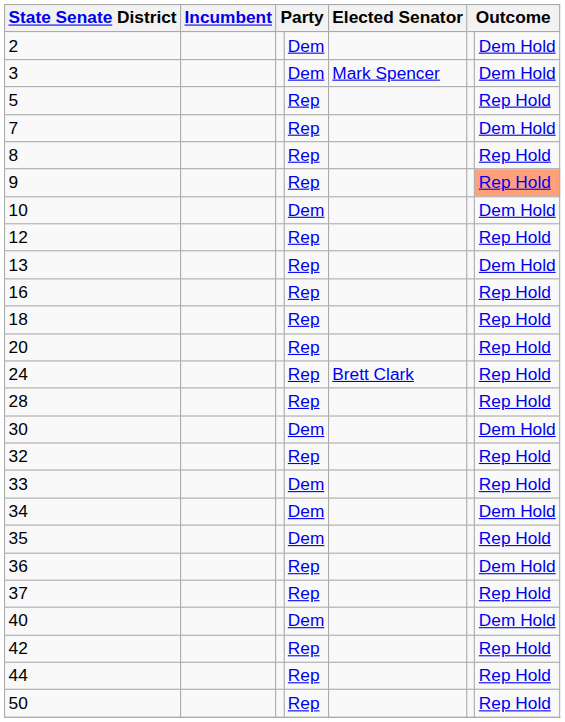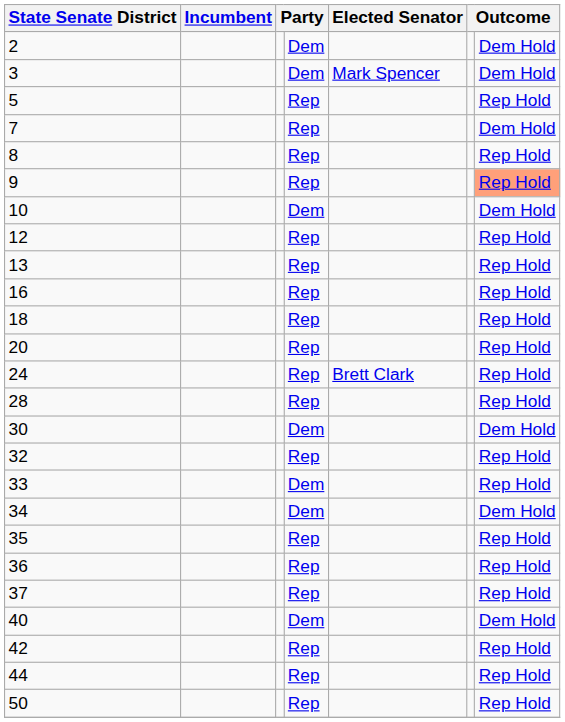 <table class="wikitable sortable">
 <tr>
 <th><a href='#'>State Senate</a> District</th>
 <th><a href='#'>Incumbent</a></th>
 <th colspan="2">Party</th>
 <th>Elected Senator</th>
 <th colspan="2">Outcome</th>
 </tr>
 <tr>
 <td>2</td>
 <td></td>
 <td style="background:"></td>
 <td><a href='#'>Dem</a></td>
 <td></td>
 <td style="background:"></td>
 <td><a href='#'>Dem Hold</a></td>
 </tr>
 <tr>
 <td>3</td>
 <td></td>
 <td style="background:"></td>
 <td><a href='#'>Dem</a></td>
 <td><a href='#'>Mark Spencer</a></td>
 <td style="background:"></td>
 <td><a href='#'>Dem Hold</a></td>
 </tr>
 <tr>
 <td>5</td>
 <td></td>
 <td style="background:"></td>
 <td><a href='#'>Rep</a></td>
 <td></td>
 <td style="background:"></td>
 <td><a href='#'>Rep Hold</a></td>
 </tr>
 <tr>
 <td>7</td>
 <td></td>
 <td style="background:"></td>
 <td><a href='#'>Rep</a></td>
 <td></td>
 <td style="background:"></td>
 <td><a href='#'>Dem Hold</a></td>
 </tr>
 <tr>
 <td>8</td>
 <td></td>
 <td style="background:"></td>
 <td><a href='#'>Rep</a></td>
 <td></td>
 <td style="background:"></td>
 <td><a href='#'>Rep Hold</a></td>
 </tr>
 <tr>
 <td>9</td>
 <td></td>
 <td style="background:"></td>
 <td><a href='#'>Rep</a></td>
 <td></td>
 <td style="background:"></td>
 <td style="background: lightsalmon;"><a href='#'>Rep Hold</a></td>
 </tr>
 <tr>
 <td>10</td>
 <td></td>
 <td style="background:"></td>
 <td><a href='#'>Dem</a></td>
 <td></td>
 <td style="background:"></td>
 <td><a href='#'>Dem Hold</a></td>
 </tr>
 <tr>
 <td>12</td>
 <td></td>
 <td style="background:"></td>
 <td><a href='#'>Rep</a></td>
 <td></td>
 <td style="background:"></td>
 <td><a href='#'>Rep Hold</a></td>
 </tr>
 <tr>
 <td>13</td>
 <td></td>
 <td style="background:"></td>
 <td><a href='#'>Rep</a></td>
 <td></td>
 <td style="background:"></td>
-<td><a href='#'>Dem Hold</a></td>
+<td><a href='#'>Rep Hold</a></td>
 </tr>
 <tr>
 <td>16</td>
 <td></td>
 <td style="background:"></td>
 <td><a href='#'>Rep</a></td>
 <td></td>
 <td style="background:"></td>
 <td><a href='#'>Rep Hold</a></td>
 </tr>
 <tr>
 <td>18</td>
 <td></td>
 <td style="background:"></td>
 <td><a href='#'>Rep</a></td>
 <td></td>
 <td style="background:"></td>
 <td><a href='#'>Rep Hold</a></td>
 </tr>
 <tr>
 <td>20</td>
 <td></td>
 <td style="background:"></td>
 <td><a href='#'>Rep</a></td>
 <td></td>
 <td style="background:"></td>
 <td><a href='#'>Rep Hold</a></td>
 </tr>
 <tr>
 <td>24</td>
 <td></td>
 <td style="background:"></td>
 <td><a href='#'>Rep</a></td>
 <td><a href='#'>Brett Clark</a></td>
 <td style="background:"></td>
 <td><a href='#'>Rep Hold</a></td>
 </tr>
 <tr>
 <td>28</td>
 <td></td>
 <td style="background:"></td>
 <td><a href='#'>Rep</a></td>
 <td></td>
 <td style="background:"></td>
 <td><a href='#'>Rep Hold</a></td>
 </tr>
 <tr>
 <td>30</td>
 <td></td>
 <td style="background:"></td>
 <td><a href='#'>Dem</a></td>
 <td></td>
 <td style="background:"></td>
 <td><a href='#'>Dem Hold</a></td>
 </tr>
 <tr>
 <td>32</td>
 <td></td>
 <td style="background:"></td>
 <td><a href='#'>Rep</a></td>
 <td></td>
 <td style="background:"></td>
 <td><a href='#'>Rep Hold</a></td>
 </tr>
 <tr>
 <td>33</td>
 <td></td>
 <td style="background:"></td>
 <td><a href='#'>Dem</a></td>
 <td></td>
 <td style="background:"></td>
 <td><a href='#'>Rep Hold</a></td>
 </tr>
 <tr>
 <td>34</td>
 <td></td>
 <td style="background:"></td>
 <td><a href='#'>Dem</a></td>
 <td></td>
 <td style="background:"></td>
 <td><a href='#'>Dem Hold</a></td>
 </tr>
 <tr>
 <td>35</td>
 <td></td>
 <td style="background:"></td>
-<td><a href='#'>Dem</a></td>
+<td><a href='#'>Rep</a></td>
 <td></td>
 <td style="background:"></td>
 <td><a href='#'>Rep Hold</a></td>
 </tr>
 <tr>
 <td>36</td>
 <td></td>
 <td style="background:"></td>
 <td><a href='#'>Rep</a></td>
 <td></td>
 <td style="background:"></td>
-<td><a href='#'>Dem Hold</a></td>
+<td><a href='#'>Rep Hold</a></td>
 </tr>
 <tr>
 <td>37</td>
 <td></td>
 <td style="background:"></td>
 <td><a href='#'>Rep</a></td>
 <td></td>
 <td style="background:"></td>
 <td><a href='#'>Rep Hold</a></td>
 </tr>
 <tr>
 <td>40</td>
 <td></td>
 <td style="background:"></td>
 <td><a href='#'>Dem</a></td>
 <td></td>
 <td style="background:"></td>
 <td><a href='#'>Dem Hold</a></td>
 </tr>
 <tr>
 <td>42</td>
 <td></td>
 <td style="background:"></td>
 <td><a href='#'>Rep</a></td>
 <td></td>
 <td style="background:"></td>
 <td><a href='#'>Rep Hold</a></td>
 </tr>
 <tr>
 <td>44</td>
 <td></td>
 <td style="background:"></td>
 <td><a href='#'>Rep</a></td>
 <td></td>
 <td style="background:"></td>
 <td><a href='#'>Rep Hold</a></td>
 </tr>
 <tr>
 <td>50</td>
 <td></td>
 <td style="background:"></td>
 <td><a href='#'>Rep</a></td>
 <td></td>
 <td style="background:"></td>
 <td><a href='#'>Rep Hold</a></td>
 </tr>
 <tr>
 </tr>
 </table>
